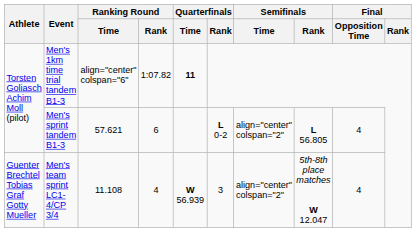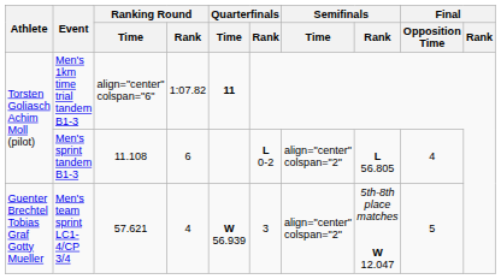 <table class=wikitable style="font-size:90%">
 <tr>
 <th rowspan="2">Athlete</th>
 <th rowspan="2">Event</th>
 <th colspan="2">Ranking Round</th>
 <th colspan="2">Quarterfinals</th>
 <th colspan="2">Semifinals</th>
 <th colspan="2">Final</th>
 </tr>
 <tr>
 <th>Time</th>
 <th>Rank</th>
 <th>Time</th>
 <th>Rank</th>
 <th>Time</th>
 <th>Rank</th>
 <th>Opposition<br>Time</th>
 <th>Rank</th>
 </tr>
 <tr>
 <td rowspan="2"><a href='#'>Torsten Goliasch</a><br> <a href='#'>Achim Moll</a> (pilot)</td>
 <td><a href='#'>Men's 1km time trial tandem B1-3</a></td>
 <td>align="center" colspan="6" </td>
 <td align="center">1:07.82</td>
 <td align="center"><strong>11</strong></td>
 </tr>
 <tr>
 <td><a href='#'>Men's sprint tandem B1-3</a></td>
-<td align="center">57.621</td>
+<td align="center">11.108</td>
 <td align="center">6</td>
 <td align="center"><br> </td>
 <td align="center"><strong>L</strong><br> 0-2</td>
 <td>align="center" colspan="2" </td>
 <td align="center"><br> <strong>L</strong> 56.805</td>
 <td align="center">4</td>
 </tr>
 <tr>
 <td><a href='#'>Guenter Brechtel</a><br> <a href='#'>Tobias Graf</a><br> <a href='#'>Gotty Mueller</a></td>
 <td><a href='#'>Men's team sprint LC1-4/CP 3/4</a></td>
-<td align="center">11.108</td>
+<td align="center">57.621</td>
 <td align="center">4</td>
 <td align="center"><br> <strong>W</strong> 56.939</td>
 <td align="center">3</td>
 <td>align="center" colspan="2" </td>
 <td align="center"><em>5th-8th place matches</em><br> <br> <br> <strong>W</strong> 12.047</td>
-<td align="center">4</td>
+<td align="center">5</td>
 </tr>
 </table>
